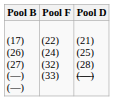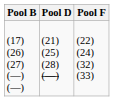 <table class="wikitable">
 <tr>
 <th width=33%>Pool B</th>
+<th width=33%>Pool D</th>
 <th width=33%>Pool F</th>
-<th width=33%>Pool D</th>
 </tr>
 <tr>
 <td><br> (17)<br>  (26)<br>  (27)<br>  (—)<br>  (—)</td>
+<td valign=top><br> (21)<br>  (25)<br>  (28)<br> <s> (—)</s></td>
 <td valign=top><br> (22)<br>  (24)<br>  (32)<br>  (33)</td>
-<td valign=top><br> (21)<br>  (25)<br>  (28)<br> <s> (—)</s></td>
 </tr>
 </table>
